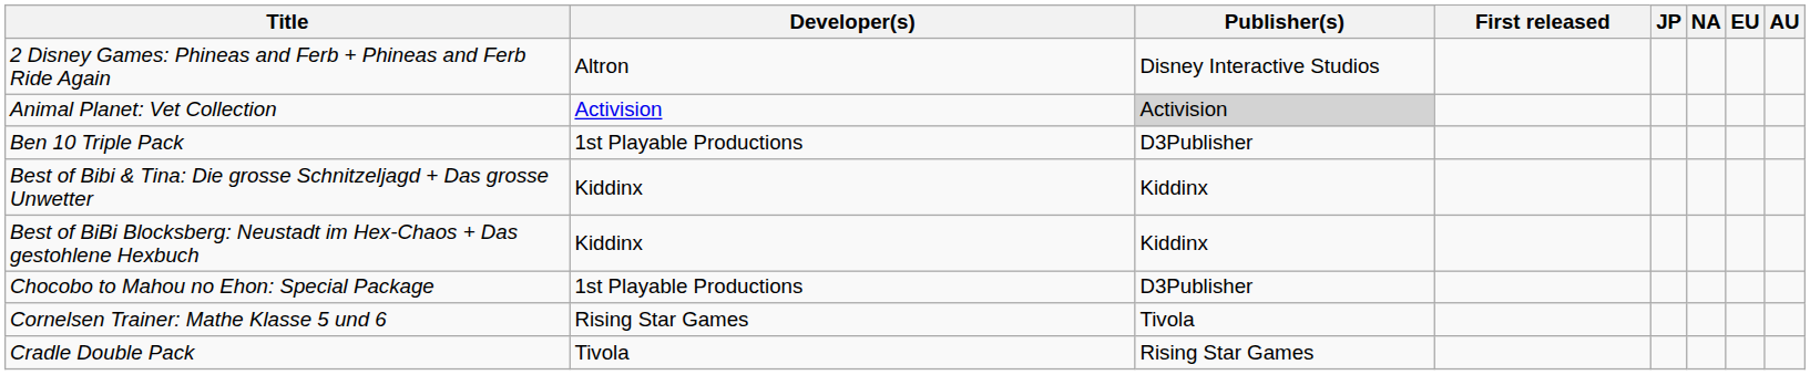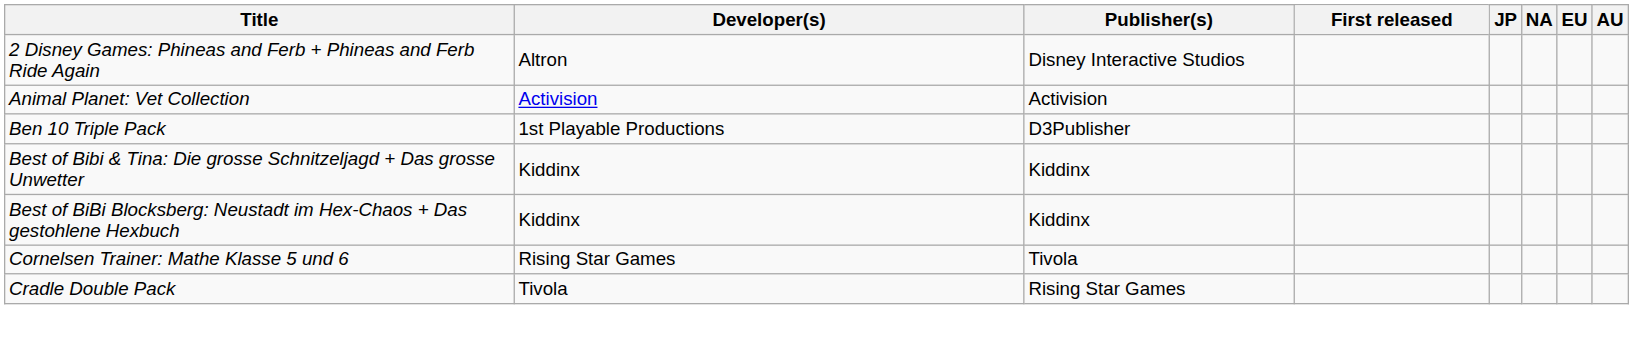 <table class="wikitable plainrowheaders sortable" style="font-size:90%;" id="bundlelist">
 <tr>
 <th width=40%>Title</th>
 <th width=40%>Developer(s)</th>
 <th width=85%>Publisher(s)</th>
 <th style="display:inline-block; border:0; width:144px;">First released</th>
 <th width=5%>JP</th>
 <th width=5%>NA</th>
 <th width=5%>EU</th>
 <th width=5%>AU</th>
 </tr>
 <tr>
 <td><em>2 Disney Games: Phineas and Ferb + Phineas and Ferb Ride Again</em></td>
 <td>Altron</td>
 <td>Disney Interactive Studios</td>
 <td></td>
 <td></td>
 <td></td>
 <td></td>
 <td></td>
 </tr>
 <tr>
 <td><em>Animal Planet: Vet Collection</em></td>
 <td><a href='#'>Activision</a></td>
-<td style="background: lightgrey;">Activision</td>
+<td>Activision</td>
 <td></td>
 <td></td>
 <td></td>
 <td></td>
 <td></td>
 </tr>
 <tr>
 <td><em>Ben 10 Triple Pack</em></td>
 <td>1st Playable Productions</td>
 <td>D3Publisher</td>
 <td></td>
 <td></td>
 <td></td>
 <td></td>
 <td></td>
 </tr>
 <tr>
 <td><em>Best of Bibi & Tina: Die grosse Schnitzeljagd + Das grosse Unwetter</em></td>
 <td>Kiddinx</td>
 <td>Kiddinx</td>
 <td></td>
 <td></td>
 <td></td>
 <td></td>
 <td></td>
 </tr>
 <tr>
 <td><em>Best of BiBi Blocksberg: Neustadt im Hex-Chaos + Das gestohlene Hexbuch</em></td>
 <td>Kiddinx</td>
 <td>Kiddinx</td>
 <td></td>
 <td></td>
 <td></td>
 <td></td>
 <td></td>
 </tr>
 <tr>
-<td><em>Chocobo to Mahou no Ehon: Special Package</em></td>
-<td>1st Playable Productions</td>
-<td>D3Publisher</td>
-<td></td>
-<td></td>
-<td></td>
-<td></td>
-<td></td>
-</tr>
-<tr>
 <td><em>Cornelsen Trainer: Mathe Klasse 5 und 6</em></td>
 <td>Rising Star Games</td>
 <td>Tivola</td>
 <td></td>
 <td></td>
 <td></td>
 <td></td>
 <td></td>
 </tr>
 <tr>
 <td><em>Cradle Double Pack</em></td>
 <td>Tivola</td>
 <td>Rising Star Games</td>
 <td></td>
 <td></td>
 <td></td>
 <td></td>
 <td></td>
 </tr>
 </table>
